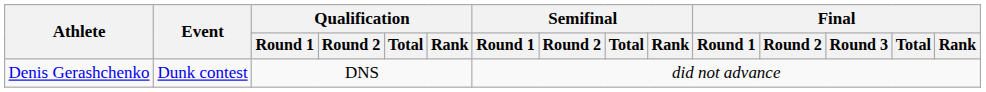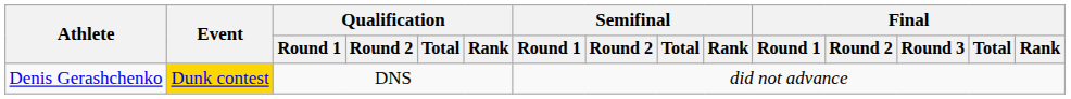 <table class="wikitable" style="text-align:center;font-size:90%">
 <tr>
 <th rowspan=2>Athlete</th>
 <th rowspan=2>Event</th>
 <th colspan=4>Qualification</th>
 <th colspan=4>Semifinal</th>
 <th colspan=5>Final</th>
 </tr>
 <tr style="font-size:95%">
 <th>Round 1</th>
 <th>Round 2</th>
 <th>Total</th>
 <th>Rank</th>
 <th>Round 1</th>
 <th>Round 2</th>
 <th>Total</th>
 <th>Rank</th>
 <th>Round 1</th>
 <th>Round 2</th>
 <th>Round 3</th>
 <th>Total</th>
 <th>Rank</th>
 </tr>
 <tr>
 <td align=left><a href='#'>Denis Gerashchenko</a></td>
-<td align=left><a href='#'>Dunk contest</a></td>
+<td align=left style="background: gold;"><a href='#'>Dunk contest</a></td>
 <td Colspan=4>DNS</td>
 <td colspan=9><em>did not advance</em></td>
 </tr>
 </table>
